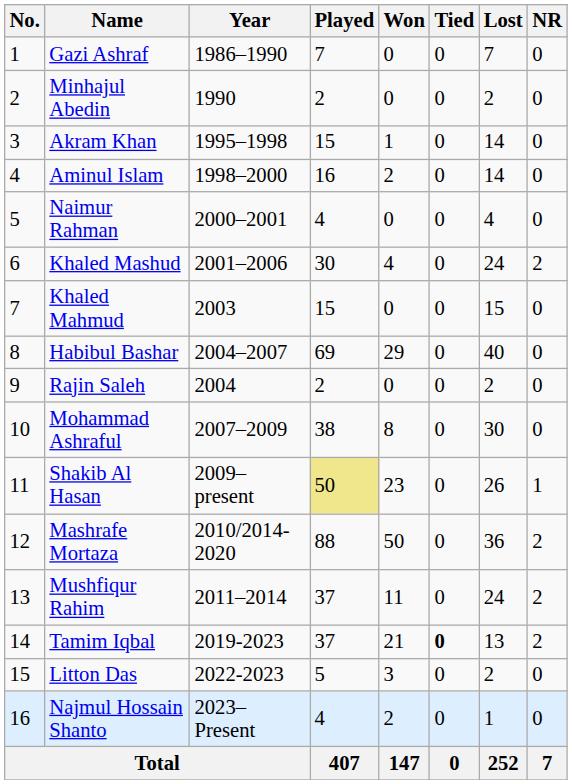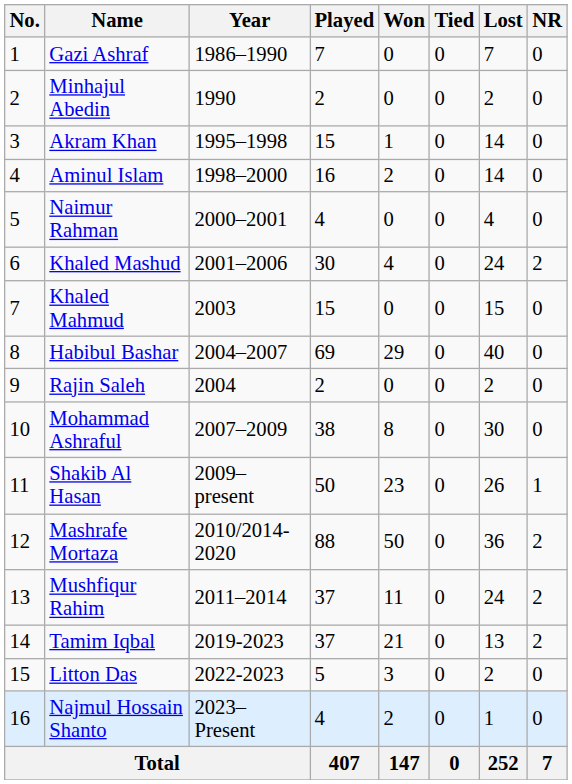 <table class="wikitable" style="width:70%;">
 <tr style="background:#efefef;">
 <th>No.</th>
 <th>Name</th>
 <th>Year</th>
 <th>Played</th>
 <th>Won</th>
 <th>Tied</th>
 <th>Lost</th>
 <th>NR</th>
 </tr>
 <tr>
 <td>1</td>
 <td><a href='#'>Gazi Ashraf</a></td>
 <td>1986–1990</td>
 <td>7</td>
 <td>0</td>
 <td>0</td>
 <td>7</td>
 <td>0</td>
 </tr>
 <tr>
 <td>2</td>
 <td><a href='#'>Minhajul Abedin</a></td>
 <td>1990</td>
 <td>2</td>
 <td>0</td>
 <td>0</td>
 <td>2</td>
 <td>0</td>
 </tr>
 <tr>
 <td>3</td>
 <td><a href='#'>Akram Khan</a></td>
 <td>1995–1998</td>
 <td>15</td>
 <td>1</td>
 <td>0</td>
 <td>14</td>
 <td>0</td>
 </tr>
 <tr>
 <td>4</td>
 <td><a href='#'>Aminul Islam</a></td>
 <td>1998–2000</td>
 <td>16</td>
 <td>2</td>
 <td>0</td>
 <td>14</td>
 <td>0</td>
 </tr>
 <tr>
 <td>5</td>
 <td><a href='#'>Naimur Rahman</a></td>
 <td>2000–2001</td>
 <td>4</td>
 <td>0</td>
 <td>0</td>
 <td>4</td>
 <td>0</td>
 </tr>
 <tr>
 <td>6</td>
 <td><a href='#'>Khaled Mashud</a></td>
 <td>2001–2006</td>
 <td>30</td>
 <td>4</td>
 <td>0</td>
 <td>24</td>
 <td>2</td>
 </tr>
 <tr>
 <td>7</td>
 <td><a href='#'>Khaled Mahmud</a></td>
 <td>2003</td>
 <td>15</td>
 <td>0</td>
 <td>0</td>
 <td>15</td>
 <td>0</td>
 </tr>
 <tr>
 <td>8</td>
 <td><a href='#'>Habibul Bashar</a></td>
 <td>2004–2007</td>
 <td>69</td>
 <td>29</td>
 <td>0</td>
 <td>40</td>
 <td>0</td>
 </tr>
 <tr>
 <td>9</td>
 <td><a href='#'>Rajin Saleh</a></td>
 <td>2004</td>
 <td>2</td>
 <td>0</td>
 <td>0</td>
 <td>2</td>
 <td>0</td>
 </tr>
 <tr>
 <td>10</td>
 <td><a href='#'>Mohammad Ashraful</a></td>
 <td>2007–2009</td>
 <td>38</td>
 <td>8</td>
 <td>0</td>
 <td>30</td>
 <td>0</td>
 </tr>
 <tr>
 <td>11</td>
 <td><a href='#'>Shakib Al Hasan</a></td>
 <td>2009–present</td>
-<td style="background: khaki;">50</td>
+<td>50</td>
 <td>23</td>
 <td>0</td>
 <td>26</td>
 <td>1</td>
 </tr>
 <tr>
 <td>12</td>
 <td><a href='#'>Mashrafe Mortaza</a></td>
 <td>2010/2014-2020</td>
 <td>88</td>
 <td>50</td>
 <td>0</td>
 <td>36</td>
 <td>2</td>
 </tr>
 <tr>
 <td>13</td>
 <td><a href='#'>Mushfiqur Rahim</a></td>
 <td>2011–2014</td>
 <td>37</td>
 <td>11</td>
 <td>0</td>
 <td>24</td>
 <td>2</td>
 </tr>
 <tr>
 <td>14</td>
 <td><a href='#'>Tamim Iqbal</a></td>
 <td>2019-2023</td>
 <td>37</td>
 <td>21</td>
-<td><strong>0</strong></td>
+<td>0</td>
 <td>13</td>
 <td>2</td>
 </tr>
 <tr>
 <td>15</td>
 <td><a href='#'>Litton Das</a></td>
 <td>2022-2023</td>
 <td>5</td>
 <td>3</td>
 <td>0</td>
 <td>2</td>
 <td>0</td>
 </tr>
 <tr style="background:#def;" class="sortbottom">
 <td>16</td>
 <td><a href='#'>Najmul Hossain Shanto</a></td>
 <td>2023–Present</td>
 <td>4</td>
 <td>2</td>
 <td>0</td>
 <td>1</td>
 <td>0</td>
 </tr>
 <tr>
 <th colspan="3" style="text-align:center;"><strong>Total</strong></th>
 <th><strong>407</strong></th>
 <th><strong>147</strong></th>
 <th><strong>0</strong></th>
 <th><strong>252</strong></th>
 <th><strong>7</strong></th>
 </tr>
 </table>
